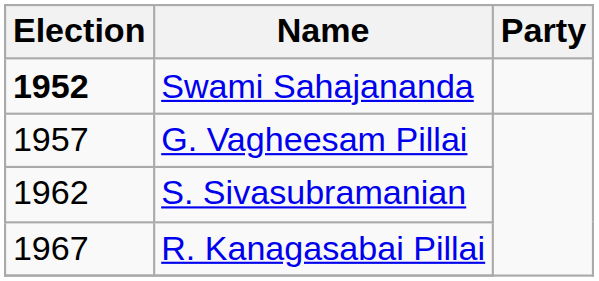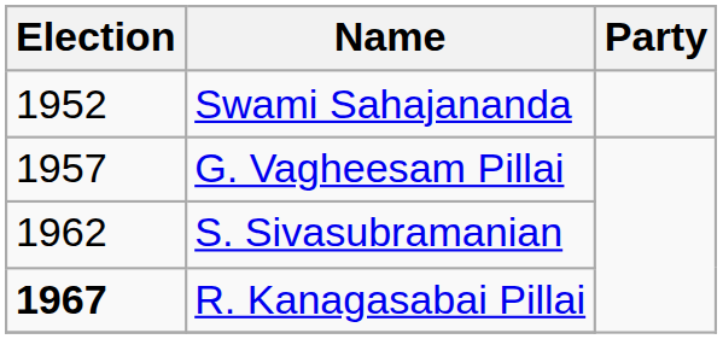 <table class="wikitable sortable">
 <tr>
 <th>Election</th>
 <th>Name</th>
 <th colspan="2">Party</th>
 </tr>
 <tr>
-<td><strong>1952</strong></td>
+<td>1952</td>
 <td><a href='#'>Swami Sahajananda</a></td>
 <td></td>
 </tr>
 <tr>
 <td>1957</td>
 <td><a href='#'>G. Vagheesam Pillai</a></td>
 </tr>
 <tr>
 <td>1962</td>
 <td><a href='#'>S. Sivasubramanian</a></td>
 </tr>
 <tr>
-<td>1967</td>
+<td><strong>1967</strong></td>
 <td><a href='#'>R. Kanagasabai Pillai</a></td>
 </tr>
 <tr>
 </tr>
 </table>
